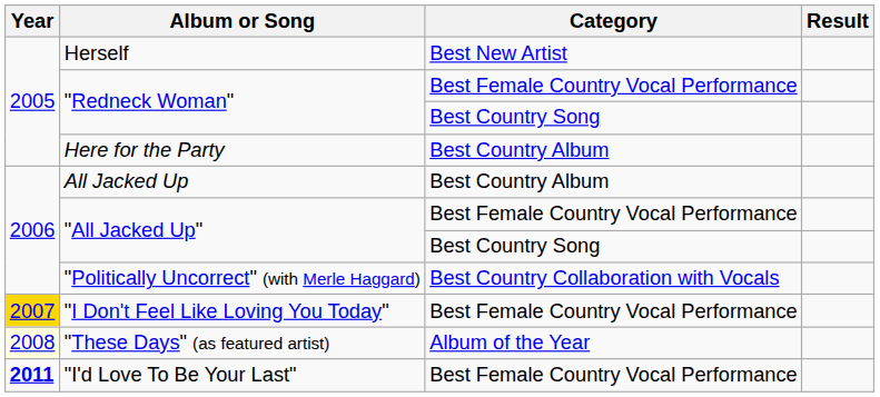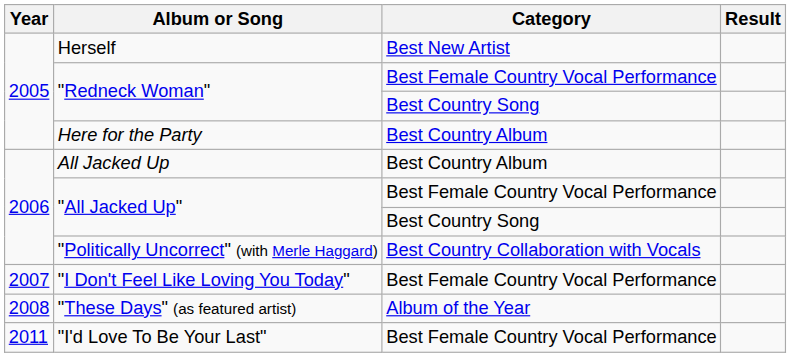 <table class="wikitable">
 <tr>
 <th>Year</th>
 <th>Album or Song</th>
 <th>Category</th>
 <th>Result</th>
 </tr>
 <tr>
 <td rowspan="4"><a href='#'>2005</a></td>
 <td>Herself</td>
 <td><a href='#'>Best New Artist</a></td>
 <td></td>
 </tr>
 <tr>
 <td rowspan="2">"<a href='#'>Redneck Woman</a>"</td>
 <td><a href='#'>Best Female Country Vocal Performance</a></td>
 <td></td>
 </tr>
 <tr>
 <td><a href='#'>Best Country Song</a></td>
 <td></td>
 </tr>
 <tr>
 <td><em>Here for the Party</em></td>
 <td><a href='#'>Best Country Album</a></td>
 <td></td>
 </tr>
 <tr>
 <td rowspan="4"><a href='#'>2006</a></td>
 <td><em>All Jacked Up</em></td>
 <td>Best Country Album</td>
 <td></td>
 </tr>
 <tr>
 <td rowspan="2">"<a href='#'>All Jacked Up</a>"</td>
 <td>Best Female Country Vocal Performance</td>
 <td></td>
 </tr>
 <tr>
 <td>Best Country Song</td>
 <td></td>
 </tr>
 <tr>
 <td>"<a href='#'>Politically Uncorrect</a>" <small>(with <a href='#'>Merle Haggard</a>)</small></td>
 <td><a href='#'>Best Country Collaboration with Vocals</a></td>
 <td></td>
 </tr>
 <tr>
-<td style="background: gold;"><a href='#'>2007</a></td>
+<td><a href='#'>2007</a></td>
 <td>"<a href='#'>I Don't Feel Like Loving You Today</a>"</td>
 <td>Best Female Country Vocal Performance</td>
 <td></td>
 </tr>
 <tr>
-<td style="background: lightyellow;"><a href='#'>2008</a></td>
+<td><a href='#'>2008</a></td>
 <td>"<a href='#'>These Days</a>" <small>(as featured artist)</small></td>
 <td><a href='#'>Album of the Year</a></td>
 <td></td>
 </tr>
 <tr>
-<td><strong><a href='#'>2011</a></strong></td>
+<td><a href='#'>2011</a></td>
 <td>"I'd Love To Be Your Last"</td>
 <td>Best Female Country Vocal Performance</td>
 <td></td>
 </tr>
 </table>
